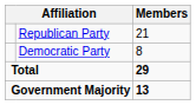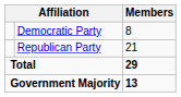 <table class="wikitable">
 <tr>
 <th colspan="2">Affiliation</th>
 <th>Members</th>
 </tr>
 <tr>
 <td style="background-color:"> </td>
-<td><a href='#'>Republican Party</a></td>
-<td>21</td>
+<td><a href='#'>Democratic Party</a></td>
+<td>8</td>
 </tr>
 <tr>
 <td style="background-color:"> </td>
-<td><a href='#'>Democratic Party</a></td>
-<td>8</td>
+<td><a href='#'>Republican Party</a></td>
+<td>21</td>
 </tr>
 <tr>
 <td colspan="2" rowspan="1"> <strong>Total</strong><br></td>
 <td><strong>29</strong></td>
 </tr>
 <tr>
 <td colspan="2" rowspan="1"> <strong>Government Majority</strong><br></td>
 <td><strong>13</strong></td>
 </tr>
 </table>
